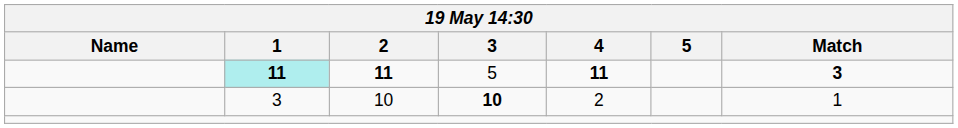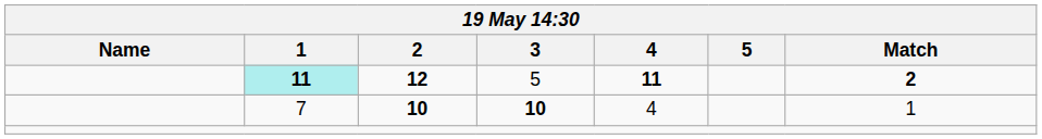 <table class=wikitable style="text-align:center; width: 55%">
 <tr>
 <th colspan=17><em>19 May 14:30</em></th>
 </tr>
 <tr>
 <th>Name</th>
 <th>1</th>
 <th>2</th>
 <th>3</th>
 <th>4</th>
 <th>5</th>
 <th>Match</th>
 </tr>
 <tr>
 <td style="text-align:left;"><strong></strong></td>
 <td style="background: paleturquoise;"><strong>11</strong></td>
-<td><strong>11</strong></td>
+<td><strong>12</strong></td>
 <td>5</td>
 <td><strong>11</strong></td>
 <td></td>
-<td><strong>3</strong></td>
+<td><strong>2</strong></td>
 </tr>
 <tr>
 <td style="text-align:left;"></td>
-<td>3</td>
-<td>10</td>
+<td>7</td>
 <td><strong>10</strong></td>
-<td>2</td>
+<td><strong>10</strong></td>
+<td>4</td>
 <td></td>
 <td>1</td>
 </tr>
 <tr>
 <td colspan=17></td>
 </tr>
 </table>
